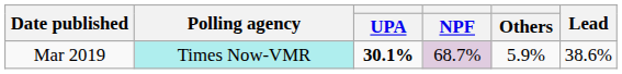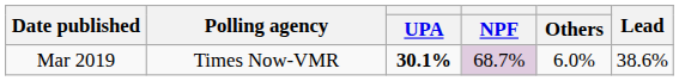 <table class="wikitable sortable" style="text-align:center;font-size:95%;line-height:16px">
 <tr>
 <th rowspan="2" width="100px">Date published</th>
 <th rowspan="2" width="175px">Polling agency</th>
 <th style="background:"></th>
 <th style="background:"></th>
 <th style="background:"></th>
 <th rowspan="2">Lead</th>
 </tr>
 <tr>
 <th width="50px" class="unsortable"><a href='#'>UPA</a></th>
 <th width="50px" class="unsortable"><a href='#'>NPF</a></th>
 <th width="50px" class="unsortable">Others</th>
 </tr>
 <tr>
 <td>Mar 2019</td>
-<td style="background: paleturquoise;">Times Now-VMR</td>
+<td>Times Now-VMR</td>
 <td><strong>30.1%</strong></td>
 <td style="background:#E0CCE0">68.7%</td>
-<td>5.9%</td>
+<td>6.0%</td>
 <td style="background:"><span>38.6%</span></td>
 </tr>
 </table>
